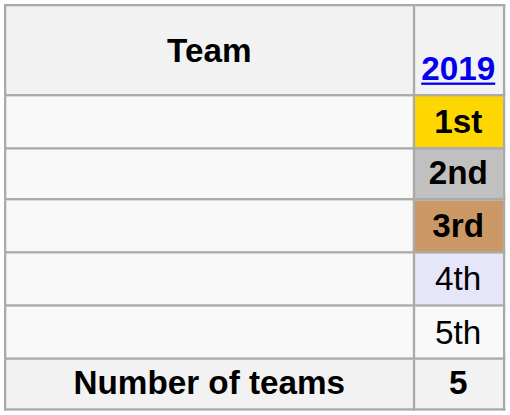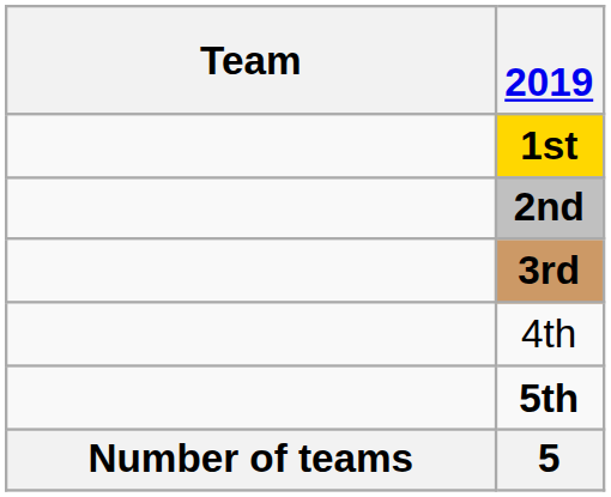 <table class="wikitable" style="text-align:center; font-size:90%">
 <tr>
 <th width=170>Team</th>
 <th width=25><br><a href='#'>2019</a></th>
 </tr>
 <tr>
 <td align=left></td>
 <td bgcolor=gold><strong>1st</strong></td>
 </tr>
 <tr>
 <td align=left></td>
 <td bgcolor=silver><strong>2nd</strong></td>
 </tr>
 <tr>
 <td align=left></td>
 <td bgcolor=cc9966><strong>3rd</strong></td>
 </tr>
 <tr>
 <td align=left></td>
-<td style="background: lavender;">4th</td>
+<td>4th</td>
 </tr>
 <tr>
 <td align=left></td>
-<td>5th</td>
+<td><strong>5th</strong></td>
 </tr>
 <tr>
 <th>Number of teams</th>
 <th>5</th>
 </tr>
 </table>
